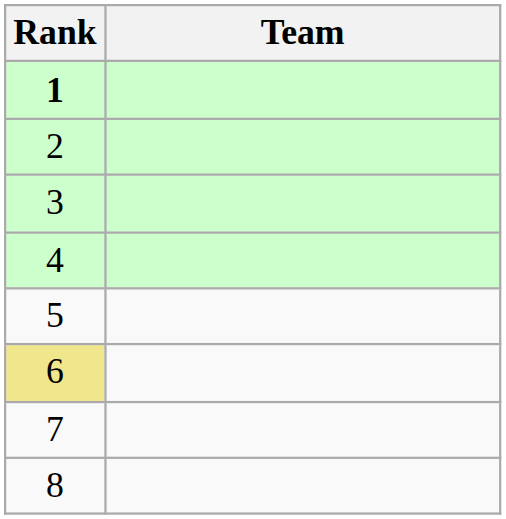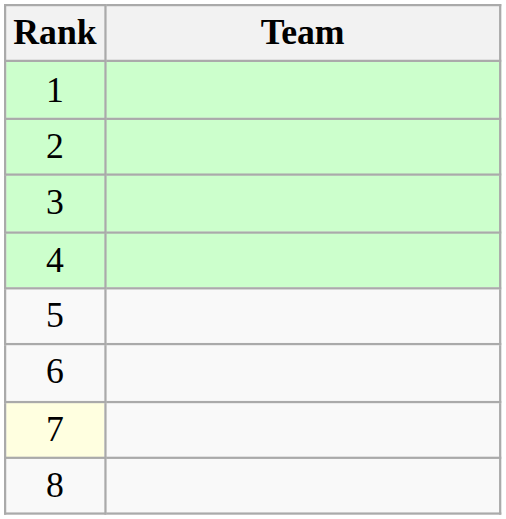 <table class="wikitable">
 <tr>
 <th>Rank</th>
 <th width=170>Team</th>
 </tr>
 <tr bgcolor=ccffcc>
-<td align=center><strong>1</strong></td>
+<td align=center>1</td>
 <td></td>
 </tr>
 <tr bgcolor=ccffcc>
 <td align=center>2</td>
 <td></td>
 </tr>
 <tr bgcolor=ccffcc>
 <td align=center>3</td>
 <td></td>
 </tr>
 <tr bgcolor=ccffcc>
 <td align=center>4</td>
 <td></td>
 </tr>
 <tr>
 <td align=center>5</td>
 <td></td>
 </tr>
 <tr>
-<td align=center style="background: khaki;">6</td>
+<td align=center>6</td>
 <td></td>
 </tr>
 <tr>
-<td align=center>7</td>
+<td align=center style="background: lightyellow;">7</td>
 <td></td>
 </tr>
 <tr>
 <td align=center>8</td>
 <td></td>
 </tr>
 </table>
